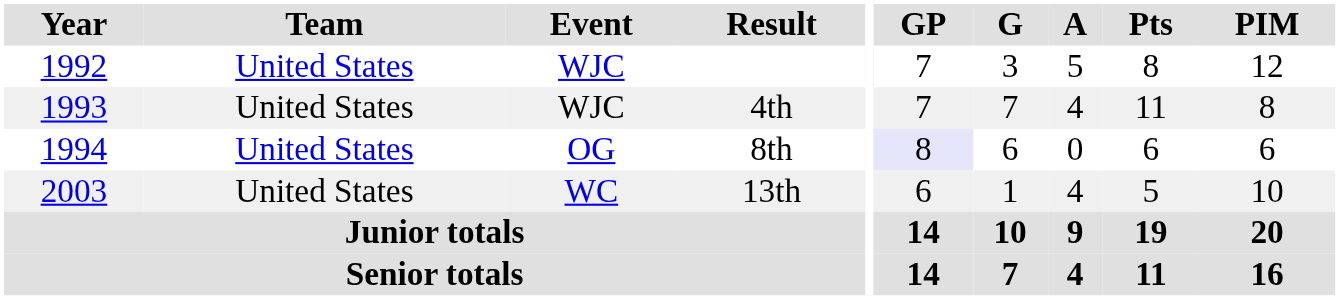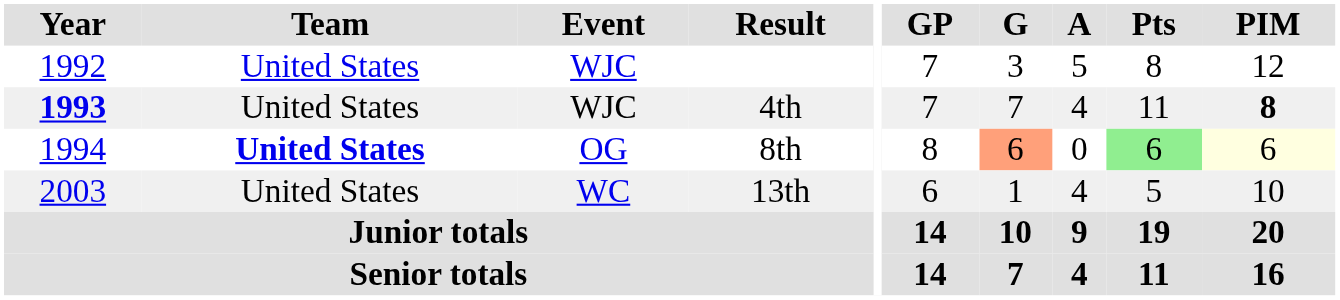 <table border="0" cellpadding="1" cellspacing="0" ID="Table3" style="text-align:center; width:40em">
 <tr ALIGN="center" bgcolor="#e0e0e0">
 <th>Year</th>
 <th>Team</th>
 <th>Event</th>
 <th>Result</th>
 <th rowspan="99" bgcolor="#ffffff"></th>
 <th>GP</th>
 <th>G</th>
 <th>A</th>
 <th>Pts</th>
 <th>PIM</th>
 </tr>
 <tr>
 <td><a href='#'>1992</a></td>
 <td><a href='#'>United States</a></td>
 <td><a href='#'>WJC</a></td>
 <td></td>
 <td>7</td>
 <td>3</td>
 <td>5</td>
 <td>8</td>
 <td>12</td>
 </tr>
 <tr bgcolor="#f0f0f0">
-<td><a href='#'>1993</a></td>
+<td><strong><a href='#'>1993</a></strong></td>
 <td>United States</td>
 <td>WJC</td>
 <td>4th</td>
 <td>7</td>
 <td>7</td>
 <td>4</td>
 <td>11</td>
-<td>8</td>
+<td><strong>8</strong></td>
 </tr>
 <tr>
 <td><a href='#'>1994</a></td>
-<td><a href='#'>United States</a></td>
+<td><strong><a href='#'>United States</a></strong></td>
 <td><a href='#'>OG</a></td>
 <td>8th</td>
-<td style="background: lavender;">8</td>
-<td>6</td>
+<td>8</td>
+<td style="background: lightsalmon;">6</td>
 <td>0</td>
-<td>6</td>
-<td>6</td>
+<td style="background: lightgreen;">6</td>
+<td style="background: lightyellow;">6</td>
 </tr>
 <tr bgcolor="#f0f0f0">
 <td><a href='#'>2003</a></td>
 <td>United States</td>
 <td><a href='#'>WC</a></td>
 <td>13th</td>
 <td>6</td>
 <td>1</td>
 <td>4</td>
 <td>5</td>
 <td>10</td>
 </tr>
 <tr bgcolor="#e0e0e0">
 <th colspan="4">Junior totals</th>
 <th>14</th>
 <th>10</th>
 <th>9</th>
 <th>19</th>
 <th>20</th>
 </tr>
 <tr bgcolor="#e0e0e0">
 <th colspan="4">Senior totals</th>
 <th>14</th>
 <th>7</th>
 <th>4</th>
 <th>11</th>
 <th>16</th>
 </tr>
 </table>
